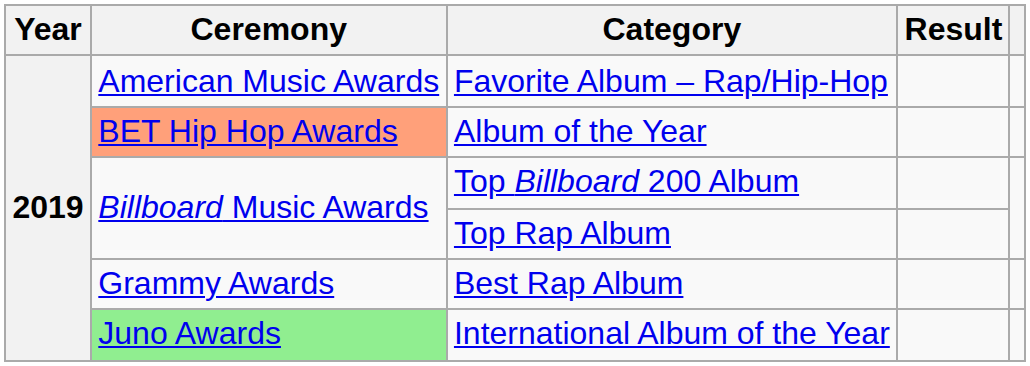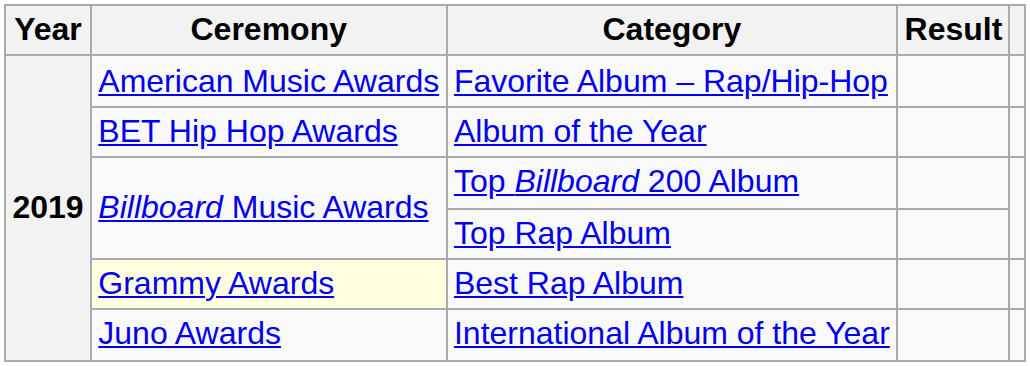 <table class="wikitable sortable plainrowheaders" style="border:none; margin:0;">
 <tr>
 <th scope="col">Year</th>
 <th scope="col">Ceremony</th>
 <th scope="col">Category</th>
 <th scope="col">Result</th>
 <th scope="col" class="unsortable"></th>
 </tr>
 <tr>
 <th scope="row" rowspan="6">2019</th>
 <td><a href='#'>American Music Awards</a></td>
 <td><a href='#'>Favorite Album – Rap/Hip-Hop</a></td>
 <td></td>
 <td style="text-align:center;"></td>
 </tr>
 <tr>
-<td style="background: lightsalmon;"><a href='#'>BET Hip Hop Awards</a></td>
+<td><a href='#'>BET Hip Hop Awards</a></td>
 <td><a href='#'>Album of the Year</a></td>
 <td></td>
 <td style="text-align:center;"></td>
 </tr>
 <tr>
 <td rowspan="2"><a href='#'><em>Billboard</em> Music Awards</a></td>
 <td><a href='#'>Top <em>Billboard</em> 200 Album</a></td>
 <td></td>
 <td rowspan="2" style="text-align:center;"></td>
 </tr>
 <tr>
 <td><a href='#'>Top Rap Album</a></td>
 <td></td>
 </tr>
 <tr>
-<td><a href='#'>Grammy Awards</a></td>
+<td style="background: lightyellow;"><a href='#'>Grammy Awards</a></td>
 <td><a href='#'>Best Rap Album</a></td>
 <td></td>
 <td style="text-align:center;"></td>
 </tr>
 <tr>
-<td style="background: lightgreen;"><a href='#'>Juno Awards</a></td>
+<td><a href='#'>Juno Awards</a></td>
 <td><a href='#'>International Album of the Year</a></td>
 <td></td>
 <td style="text-align:center;"></td>
 </tr>
 </table>
